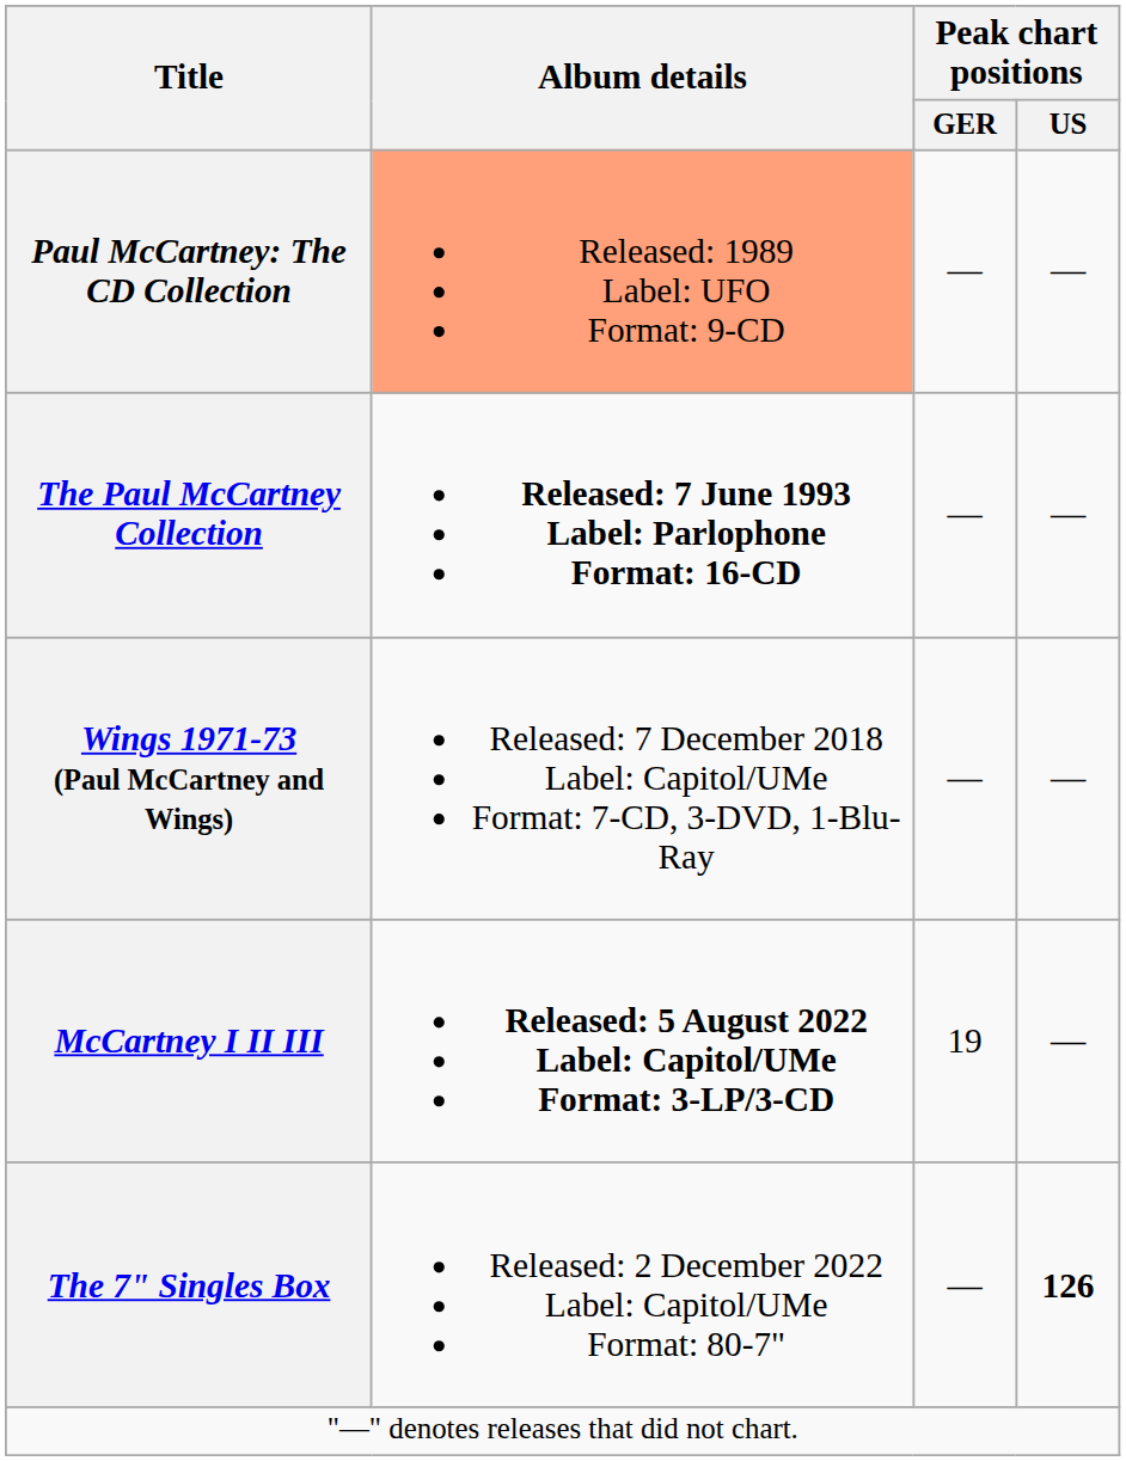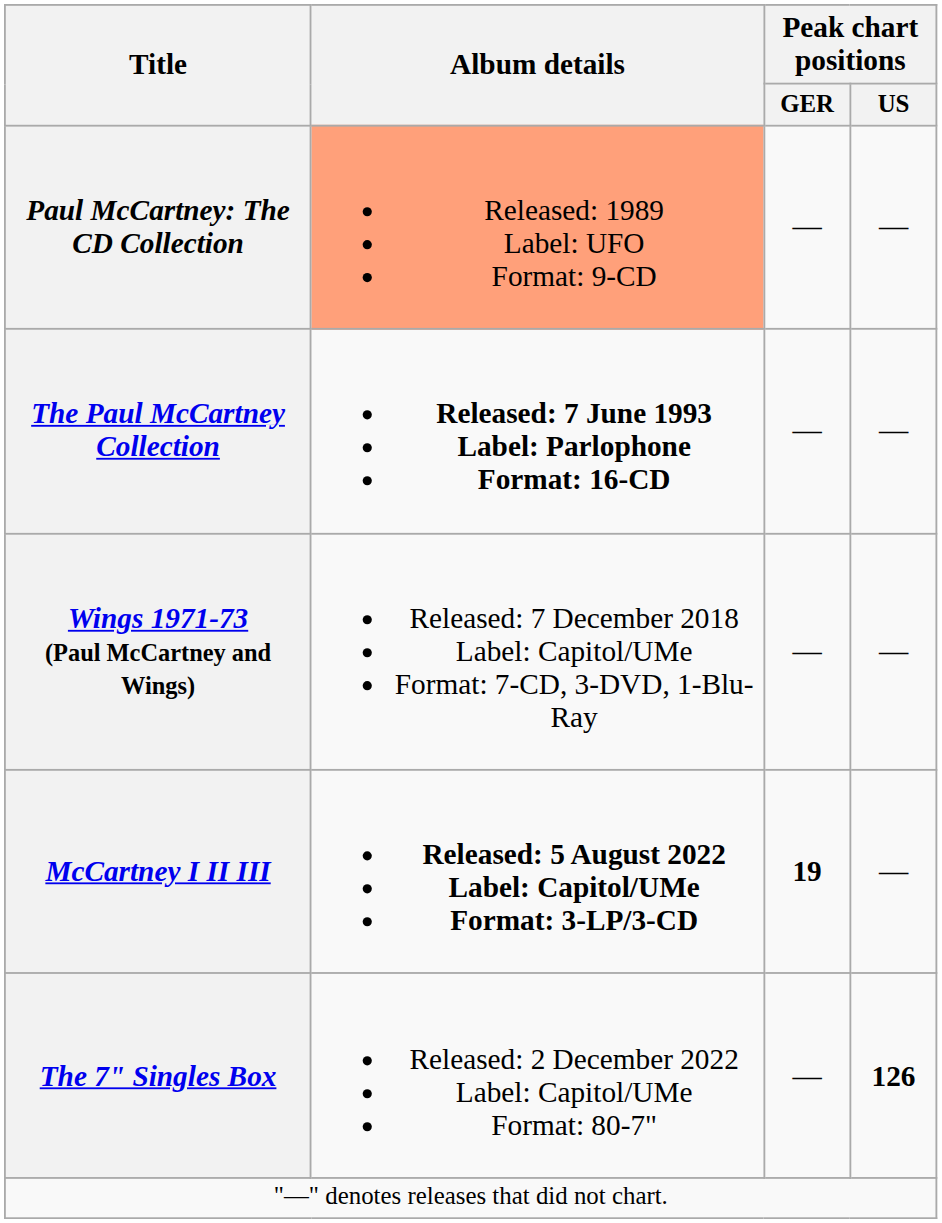 <table class="wikitable plainrowheaders" style="text-align:center">
 <tr>
 <th scope="col" rowspan="2" style="width:10em">Title</th>
 <th scope="col" rowspan="2" style="width:15em">Album details</th>
 <th scope="col" colspan="2">Peak chart positions</th>
 </tr>
 <tr>
 <th style="width:3em;font-size:85%">GER<br></th>
 <th style="width:3em;font-size:85%">US<br></th>
 </tr>
 <tr>
 <th scope="row"><em>Paul McCartney: The CD Collection</em></th>
 <td style="background: lightsalmon;"><br><ul><li>Released: 1989</li><li>Label: UFO</li><li>Format: 9-CD</li></ul></td>
 <td>—</td>
 <td>—</td>
 </tr>
 <tr>
 <th scope="row"><em><a href='#'>The Paul McCartney Collection</a></em></th>
 <td><strong><br><ul><li>Released: 7 June 1993</li><li>Label: Parlophone</li><li>Format: 16-CD</li></ul></strong></td>
 <td>—</td>
 <td>—</td>
 </tr>
 <tr>
 <th scope="row"><em><a href='#'>Wings 1971-73</a></em><br><small>(Paul McCartney and Wings)</small></th>
 <td><br><ul><li>Released: 7 December 2018</li><li>Label: Capitol/UMe</li><li>Format: 7-CD, 3-DVD, 1-Blu-Ray</li></ul></td>
 <td>—</td>
 <td>—</td>
 </tr>
 <tr>
 <th scope="row"><em><a href='#'>McCartney I II III</a></em></th>
 <td><strong><br><ul><li>Released: 5 August 2022</li><li>Label: Capitol/UMe</li><li>Format: 3-LP/3-CD</li></ul></strong></td>
-<td>19</td>
+<td><strong>19</strong></td>
 <td>—</td>
 </tr>
 <tr>
 <th scope="row"><em><a href='#'>The 7" Singles Box</a></em></th>
 <td><br><ul><li>Released: 2 December 2022</li><li>Label: Capitol/UMe</li><li>Format: 80-7"</li></ul></td>
 <td>—</td>
 <td><strong>126<br></strong></td>
 </tr>
 <tr>
 <td colspan="14" style="text-align:center; font-size:85%;">"—" denotes releases that did not chart.</td>
 </tr>
 </table>
